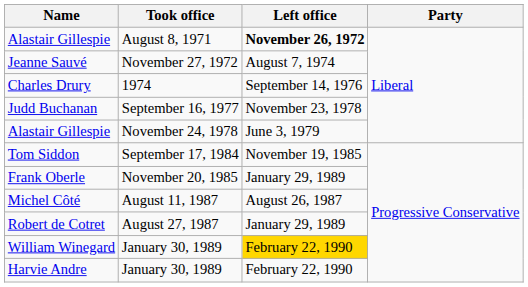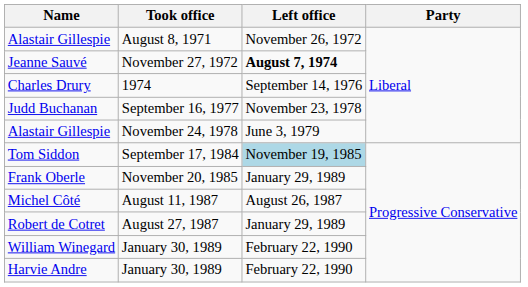 <table class="wikitable">
 <tr>
 <th>Name</th>
 <th>Took office</th>
 <th>Left office</th>
 <th>Party</th>
 </tr>
 <tr>
 <td><a href='#'>Alastair Gillespie</a></td>
 <td>August 8, 1971</td>
-<td><strong>November 26, 1972</strong></td>
+<td>November 26, 1972</td>
 <td rowspan="5"><a href='#'>Liberal</a></td>
 </tr>
 <tr>
 <td><a href='#'>Jeanne Sauvé</a></td>
 <td>November 27, 1972</td>
-<td>August 7, 1974</td>
+<td><strong>August 7, 1974</strong></td>
 </tr>
 <tr>
 <td><a href='#'>Charles Drury</a></td>
 <td>1974</td>
 <td>September 14, 1976</td>
 </tr>
 <tr>
 <td><a href='#'>Judd Buchanan</a></td>
 <td>September 16, 1977</td>
 <td>November 23, 1978</td>
 </tr>
 <tr>
 <td><a href='#'>Alastair Gillespie</a></td>
 <td>November 24, 1978</td>
 <td>June 3, 1979</td>
 </tr>
 <tr>
 <td><a href='#'>Tom Siddon</a></td>
 <td>September 17, 1984</td>
-<td>November 19, 1985</td>
+<td style="background: lightblue;">November 19, 1985</td>
 <td rowspan="6"><a href='#'>Progressive Conservative</a></td>
 </tr>
 <tr>
 <td><a href='#'>Frank Oberle</a></td>
 <td>November 20, 1985</td>
 <td>January 29, 1989</td>
 </tr>
 <tr>
 <td><a href='#'>Michel Côté</a></td>
 <td>August 11, 1987</td>
 <td>August 26, 1987</td>
 </tr>
 <tr>
 <td><a href='#'>Robert de Cotret</a></td>
 <td>August 27, 1987</td>
 <td>January 29, 1989</td>
 </tr>
 <tr>
 <td><a href='#'>William Winegard</a></td>
 <td>January 30, 1989</td>
-<td style="background: gold;">February 22, 1990</td>
+<td>February 22, 1990</td>
 </tr>
 <tr>
 <td><a href='#'>Harvie Andre</a></td>
 <td>January 30, 1989</td>
 <td>February 22, 1990</td>
 </tr>
 </table>
